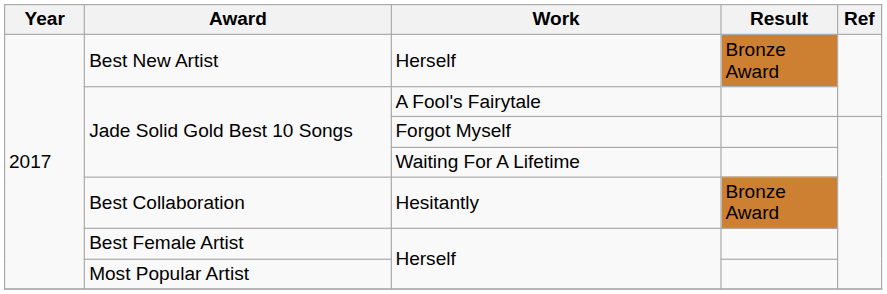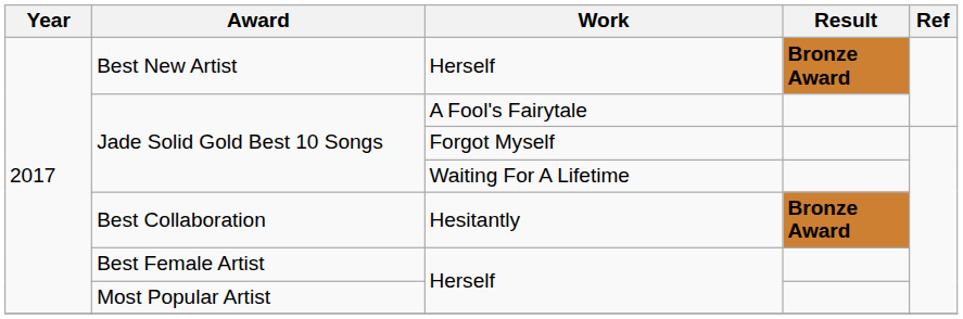 <table class="wikitable">
 <tr>
 <th width=60>Year</th>
 <th style="width:250px;">Award</th>
 <th style="width:270px;">Work</th>
 <th width="90">Result</th>
 <th width="30">Ref</th>
 </tr>
 <tr>
 <td rowspan="7">2017</td>
 <td>Best New Artist</td>
 <td>Herself</td>
-<td style="background: #CD7F32"><div>Bronze Award</div></td>
+<td style="background: #CD7F32"><strong><div>Bronze Award</div></strong></td>
 <td rowspan="2"></td>
 </tr>
 <tr>
 <td rowspan="3">Jade Solid Gold Best 10 Songs</td>
 <td>A Fool's Fairytale</td>
 <td></td>
 </tr>
 <tr>
 <td>Forgot Myself</td>
 <td></td>
 <td rowspan="5"></td>
 </tr>
 <tr>
 <td>Waiting For A Lifetime</td>
 <td></td>
 </tr>
 <tr>
 <td>Best Collaboration</td>
 <td>Hesitantly</td>
-<td style="background: #CD7F32"><div>Bronze Award</div></td>
+<td style="background: #CD7F32"><strong><div>Bronze Award</div></strong></td>
 </tr>
 <tr>
 <td>Best Female Artist</td>
 <td rowspan="2">Herself</td>
 <td></td>
 </tr>
 <tr>
 <td>Most Popular Artist</td>
 <td></td>
 </tr>
 <tr>
 </tr>
 </table>
